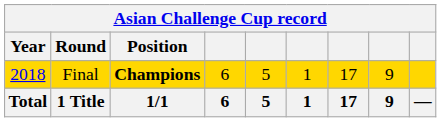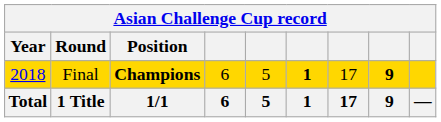 <table class="wikitable" style="text-align: center;">
 <tr>
 <th colspan=9><a href='#'>Asian Challenge Cup record</a></th>
 </tr>
 <tr>
 <th>Year</th>
 <th>Round</th>
 <th>Position</th>
 <th width=30></th>
 <th width=30></th>
 <th width=30></th>
 <th width=30></th>
 <th width=30></th>
 <th></th>
 </tr>
 <tr bgcolor=gold>
 <td> <a href='#'>2018</a></td>
 <td>Final</td>
 <td><strong>Champions</strong></td>
 <td>6</td>
 <td>5</td>
-<td>1</td>
+<td><strong>1</strong></td>
 <td>17</td>
-<td>9</td>
+<td><strong>9</strong></td>
 <td></td>
 </tr>
 <tr>
 <th>Total</th>
 <th>1 Title</th>
 <th>1/1</th>
 <th>6</th>
 <th>5</th>
 <th>1</th>
 <th>17</th>
 <th>9</th>
 <th>—</th>
 </tr>
 </table>
